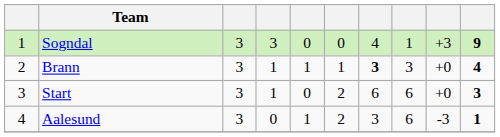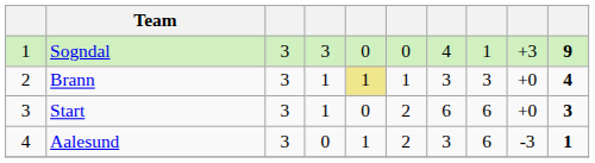 <table class="wikitable" style="text-align: center; font-size: 90%;">
 <tr>
 <th width=25></th>
 <th width=165>Team</th>
 <th width=25></th>
 <th width=25></th>
 <th width=25></th>
 <th width=25></th>
 <th width=25></th>
 <th width=25></th>
 <th width=25></th>
 <th width=25></th>
 </tr>
 <tr bgcolor=#d0f0c0>
 <td>1</td>
 <td align="left"> <a href='#'>Sogndal</a></td>
 <td>3</td>
 <td>3</td>
 <td>0</td>
 <td>0</td>
 <td>4</td>
 <td>1</td>
 <td>+3</td>
 <td><strong>9</strong></td>
 </tr>
 <tr>
 <td>2</td>
 <td align="left"> <a href='#'>Brann</a></td>
 <td>3</td>
 <td>1</td>
+<td style="background: khaki;">1</td>
 <td>1</td>
-<td>1</td>
-<td><strong>3</strong></td>
+<td>3</td>
 <td>3</td>
 <td>+0</td>
 <td><strong>4</strong></td>
 </tr>
 <tr>
 <td>3</td>
 <td align="left"> <a href='#'>Start</a></td>
 <td>3</td>
 <td>1</td>
 <td>0</td>
 <td>2</td>
 <td>6</td>
 <td>6</td>
 <td>+0</td>
 <td><strong>3</strong></td>
 </tr>
 <tr>
 <td>4</td>
 <td align="left"> <a href='#'>Aalesund</a></td>
 <td>3</td>
 <td>0</td>
 <td>1</td>
 <td>2</td>
 <td>3</td>
 <td>6</td>
 <td>-3</td>
 <td><strong>1</strong></td>
 </tr>
 <tr>
 </tr>
 </table>
